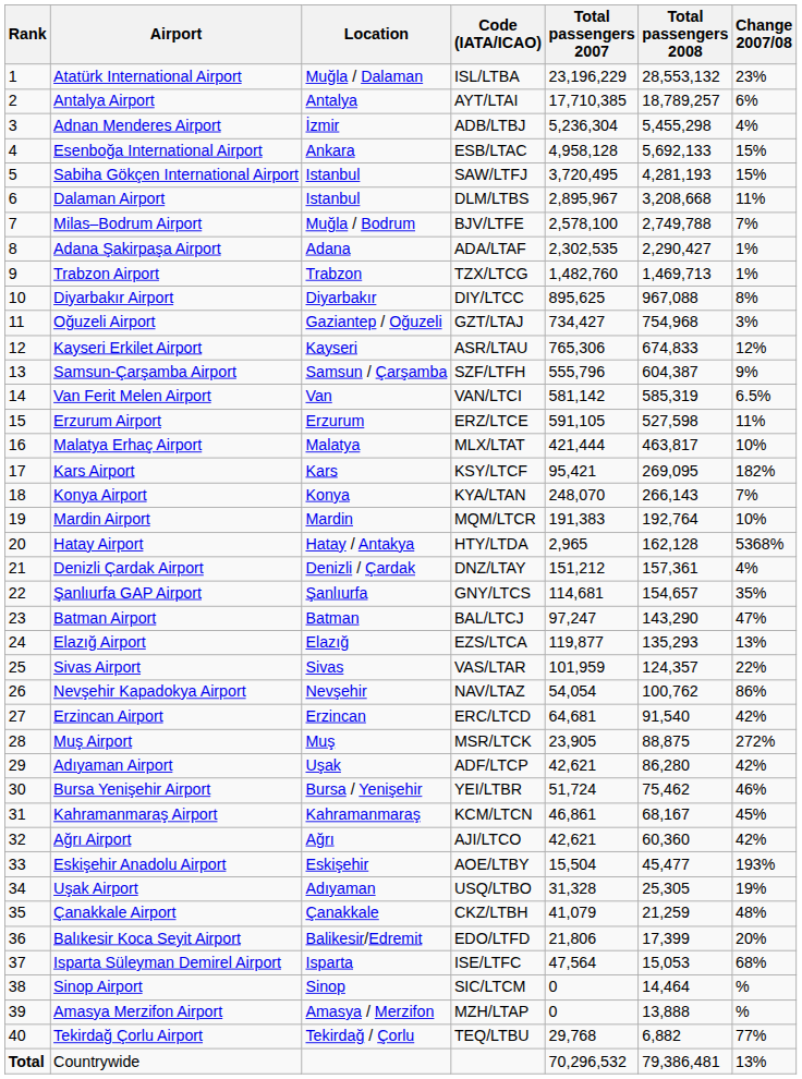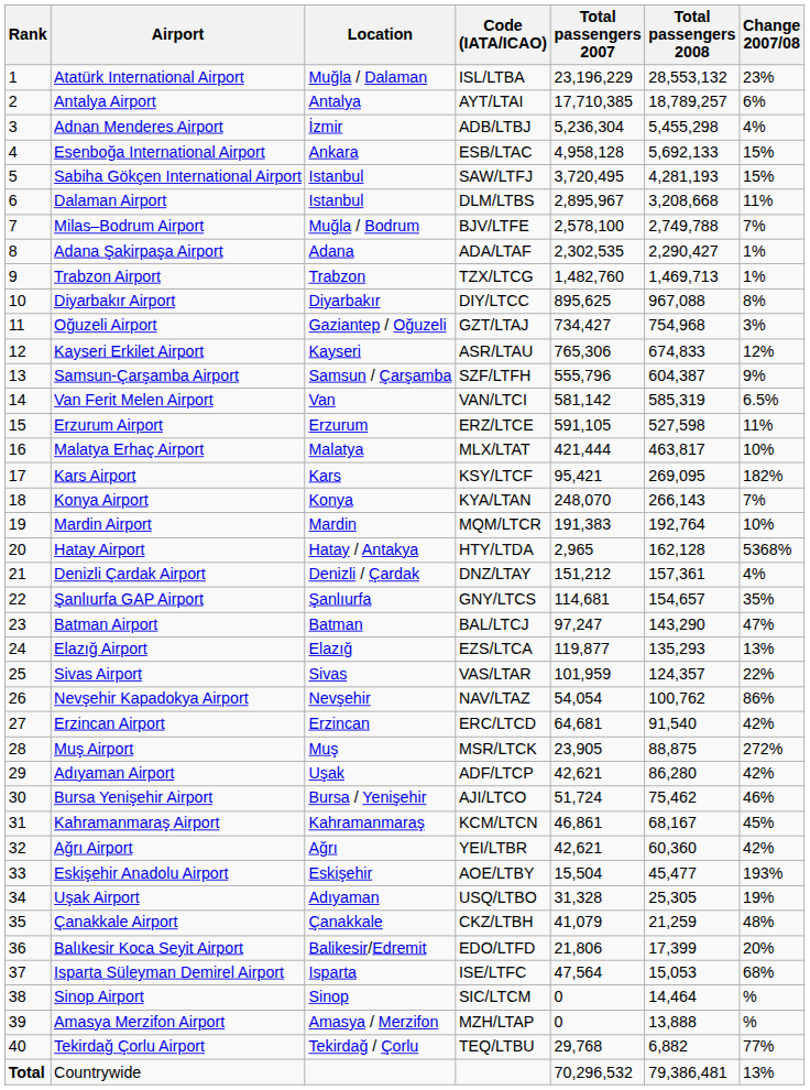 <table class="wikitable sortable">
 <tr>
 <th>Rank</th>
 <th>Airport</th>
 <th>Location</th>
 <th>Code<br>(IATA/ICAO)</th>
 <th>Total<br>passengers<br>2007</th>
 <th>Total<br>passengers<br>2008</th>
 <th>Change<br>2007/08</th>
 </tr>
 <tr>
 <td>1</td>
 <td><a href='#'>Atatürk International Airport</a></td>
 <td><a href='#'>Muğla</a> / <a href='#'>Dalaman</a></td>
 <td>ISL/LTBA</td>
 <td>23,196,229</td>
 <td>28,553,132</td>
 <td>23%</td>
 </tr>
 <tr>
 <td>2</td>
 <td><a href='#'>Antalya Airport</a></td>
 <td><a href='#'>Antalya</a></td>
 <td>AYT/LTAI</td>
 <td>17,710,385</td>
 <td>18,789,257</td>
 <td>6%</td>
 </tr>
 <tr>
 <td>3</td>
 <td><a href='#'>Adnan Menderes Airport</a></td>
 <td><a href='#'>İzmir</a></td>
 <td>ADB/LTBJ</td>
 <td>5,236,304</td>
 <td>5,455,298</td>
 <td>4%</td>
 </tr>
 <tr>
 <td>4</td>
 <td><a href='#'>Esenboğa International Airport</a></td>
 <td><a href='#'>Ankara</a></td>
 <td>ESB/LTAC</td>
 <td>4,958,128</td>
 <td>5,692,133</td>
 <td>15%</td>
 </tr>
 <tr>
 <td>5</td>
 <td><a href='#'>Sabiha Gökçen International Airport</a></td>
 <td><a href='#'>Istanbul</a></td>
 <td>SAW/LTFJ</td>
 <td>3,720,495</td>
 <td>4,281,193</td>
 <td>15%</td>
 </tr>
 <tr>
 <td>6</td>
 <td><a href='#'>Dalaman Airport</a></td>
 <td><a href='#'>Istanbul</a></td>
 <td>DLM/LTBS</td>
 <td>2,895,967</td>
 <td>3,208,668</td>
 <td>11%</td>
 </tr>
 <tr>
 <td>7</td>
 <td><a href='#'>Milas–Bodrum Airport</a></td>
 <td><a href='#'>Muğla</a> / <a href='#'>Bodrum</a></td>
 <td>BJV/LTFE</td>
 <td>2,578,100</td>
 <td>2,749,788</td>
 <td>7%</td>
 </tr>
 <tr>
 <td>8</td>
 <td><a href='#'>Adana Şakirpaşa Airport</a></td>
 <td><a href='#'>Adana</a></td>
 <td>ADA/LTAF</td>
 <td>2,302,535</td>
 <td>2,290,427</td>
 <td>1%</td>
 </tr>
 <tr>
 <td>9</td>
 <td><a href='#'>Trabzon Airport</a></td>
 <td><a href='#'>Trabzon</a></td>
 <td>TZX/LTCG</td>
 <td>1,482,760</td>
 <td>1,469,713</td>
 <td>1%</td>
 </tr>
 <tr>
 <td>10</td>
 <td><a href='#'>Diyarbakır Airport</a></td>
 <td><a href='#'>Diyarbakır</a></td>
 <td>DIY/LTCC</td>
 <td>895,625</td>
 <td>967,088</td>
 <td>8%</td>
 </tr>
 <tr>
 <td>11</td>
 <td><a href='#'>Oğuzeli Airport</a></td>
 <td><a href='#'>Gaziantep</a> / <a href='#'>Oğuzeli</a></td>
 <td>GZT/LTAJ</td>
 <td>734,427</td>
 <td>754,968</td>
 <td>3%</td>
 </tr>
 <tr>
 <td>12</td>
 <td><a href='#'>Kayseri Erkilet Airport</a></td>
 <td><a href='#'>Kayseri</a></td>
 <td>ASR/LTAU</td>
 <td>765,306</td>
 <td>674,833</td>
 <td>12%</td>
 </tr>
 <tr>
 <td>13</td>
 <td><a href='#'>Samsun-Çarşamba Airport</a></td>
 <td><a href='#'>Samsun</a> / <a href='#'>Çarşamba</a></td>
 <td>SZF/LTFH</td>
 <td>555,796</td>
 <td>604,387</td>
 <td>9%</td>
 </tr>
 <tr>
 <td>14</td>
 <td><a href='#'>Van Ferit Melen Airport</a></td>
 <td><a href='#'>Van</a></td>
 <td>VAN/LTCI</td>
 <td>581,142</td>
 <td>585,319</td>
 <td>6.5%</td>
 </tr>
 <tr>
 <td>15</td>
 <td><a href='#'>Erzurum Airport</a></td>
 <td><a href='#'>Erzurum</a></td>
 <td>ERZ/LTCE</td>
 <td>591,105</td>
 <td>527,598</td>
 <td>11%</td>
 </tr>
 <tr>
 <td>16</td>
 <td><a href='#'>Malatya Erhaç Airport</a></td>
 <td><a href='#'>Malatya</a></td>
 <td>MLX/LTAT</td>
 <td>421,444</td>
 <td>463,817</td>
 <td>10%</td>
 </tr>
 <tr>
 <td>17</td>
 <td><a href='#'>Kars Airport</a></td>
 <td><a href='#'>Kars</a></td>
 <td>KSY/LTCF</td>
 <td>95,421</td>
 <td>269,095</td>
 <td>182%</td>
 </tr>
 <tr>
 <td>18</td>
 <td><a href='#'>Konya Airport</a></td>
 <td><a href='#'>Konya</a></td>
 <td>KYA/LTAN</td>
 <td>248,070</td>
 <td>266,143</td>
 <td>7%</td>
 </tr>
 <tr>
 <td>19</td>
 <td><a href='#'>Mardin Airport</a></td>
 <td><a href='#'>Mardin</a></td>
 <td>MQM/LTCR</td>
 <td>191,383</td>
 <td>192,764</td>
 <td>10%</td>
 </tr>
 <tr>
 <td>20</td>
 <td><a href='#'>Hatay Airport</a></td>
 <td><a href='#'>Hatay</a> / <a href='#'>Antakya</a></td>
 <td>HTY/LTDA</td>
 <td>2,965</td>
 <td>162,128</td>
 <td>5368%</td>
 </tr>
 <tr>
 <td>21</td>
 <td><a href='#'>Denizli Çardak Airport</a></td>
 <td><a href='#'>Denizli</a> / <a href='#'>Çardak</a></td>
 <td>DNZ/LTAY</td>
 <td>151,212</td>
 <td>157,361</td>
 <td>4%</td>
 </tr>
 <tr>
 <td>22</td>
 <td><a href='#'>Şanlıurfa GAP Airport</a></td>
 <td><a href='#'>Şanlıurfa</a></td>
 <td>GNY/LTCS</td>
 <td>114,681</td>
 <td>154,657</td>
 <td>35%</td>
 </tr>
 <tr>
 <td>23</td>
 <td><a href='#'>Batman Airport</a></td>
 <td><a href='#'>Batman</a></td>
 <td>BAL/LTCJ</td>
 <td>97,247</td>
 <td>143,290</td>
 <td>47%</td>
 </tr>
 <tr>
 <td>24</td>
 <td><a href='#'>Elazığ Airport</a></td>
 <td><a href='#'>Elazığ</a></td>
 <td>EZS/LTCA</td>
 <td>119,877</td>
 <td>135,293</td>
 <td>13%</td>
 </tr>
 <tr>
 <td>25</td>
 <td><a href='#'>Sivas Airport</a></td>
 <td><a href='#'>Sivas</a></td>
 <td>VAS/LTAR</td>
 <td>101,959</td>
 <td>124,357</td>
 <td>22%</td>
 </tr>
 <tr>
 <td>26</td>
 <td><a href='#'>Nevşehir Kapadokya Airport</a></td>
 <td><a href='#'>Nevşehir</a></td>
 <td>NAV/LTAZ</td>
 <td>54,054</td>
 <td>100,762</td>
 <td>86%</td>
 </tr>
 <tr>
 <td>27</td>
 <td><a href='#'>Erzincan Airport</a></td>
 <td><a href='#'>Erzincan</a></td>
 <td>ERC/LTCD</td>
 <td>64,681</td>
 <td>91,540</td>
 <td>42%</td>
 </tr>
 <tr>
 <td>28</td>
 <td><a href='#'>Muş Airport</a></td>
 <td><a href='#'>Muş</a></td>
 <td>MSR/LTCK</td>
 <td>23,905</td>
 <td>88,875</td>
 <td>272%</td>
 </tr>
 <tr>
 <td>29</td>
 <td><a href='#'>Adıyaman Airport</a></td>
 <td><a href='#'>Uşak</a></td>
 <td>ADF/LTCP</td>
 <td>42,621</td>
 <td>86,280</td>
 <td>42%</td>
 </tr>
 <tr>
 <td>30</td>
 <td><a href='#'>Bursa Yenişehir Airport</a></td>
 <td><a href='#'>Bursa</a> / <a href='#'>Yenişehir</a></td>
-<td>YEI/LTBR</td>
+<td>AJI/LTCO</td>
 <td>51,724</td>
 <td>75,462</td>
 <td>46%</td>
 </tr>
 <tr>
 <td>31</td>
 <td><a href='#'>Kahramanmaraş Airport</a></td>
 <td><a href='#'>Kahramanmaraş</a></td>
 <td>KCM/LTCN</td>
 <td>46,861</td>
 <td>68,167</td>
 <td>45%</td>
 </tr>
 <tr>
 <td>32</td>
 <td><a href='#'>Ağrı Airport</a></td>
 <td><a href='#'>Ağrı</a></td>
-<td>AJI/LTCO</td>
+<td>YEI/LTBR</td>
 <td>42,621</td>
 <td>60,360</td>
 <td>42%</td>
 </tr>
 <tr>
 <td>33</td>
 <td><a href='#'>Eskişehir Anadolu Airport</a></td>
 <td><a href='#'>Eskişehir</a></td>
 <td>AOE/LTBY</td>
 <td>15,504</td>
 <td>45,477</td>
 <td>193%</td>
 </tr>
 <tr>
 <td>34</td>
 <td><a href='#'>Uşak Airport</a></td>
 <td><a href='#'>Adıyaman</a></td>
 <td>USQ/LTBO</td>
 <td>31,328</td>
 <td>25,305</td>
 <td>19%</td>
 </tr>
 <tr>
 <td>35</td>
 <td><a href='#'>Çanakkale Airport</a></td>
 <td><a href='#'>Çanakkale</a></td>
 <td>CKZ/LTBH</td>
 <td>41,079</td>
 <td>21,259</td>
 <td>48%</td>
 </tr>
 <tr>
 <td>36</td>
 <td><a href='#'>Balıkesir Koca Seyit Airport</a></td>
 <td><a href='#'>Balikesir</a>/<a href='#'>Edremit</a></td>
 <td>EDO/LTFD</td>
 <td>21,806</td>
 <td>17,399</td>
 <td>20%</td>
 </tr>
 <tr>
 <td>37</td>
 <td><a href='#'>Isparta Süleyman Demirel Airport</a></td>
 <td><a href='#'>Isparta</a></td>
 <td>ISE/LTFC</td>
 <td>47,564</td>
 <td>15,053</td>
 <td>68%</td>
 </tr>
 <tr>
 <td>38</td>
 <td><a href='#'>Sinop Airport</a></td>
 <td><a href='#'>Sinop</a></td>
 <td>SIC/LTCM</td>
 <td>0</td>
 <td>14,464</td>
 <td>%</td>
 </tr>
 <tr>
 <td>39</td>
 <td><a href='#'>Amasya Merzifon Airport</a></td>
 <td><a href='#'>Amasya</a> / <a href='#'>Merzifon</a></td>
 <td>MZH/LTAP</td>
 <td>0</td>
 <td>13,888</td>
 <td>%</td>
 </tr>
 <tr>
 <td>40</td>
 <td><a href='#'>Tekirdağ Çorlu Airport</a></td>
 <td><a href='#'>Tekirdağ</a> / <a href='#'>Çorlu</a></td>
 <td>TEQ/LTBU</td>
 <td>29,768</td>
 <td>6,882</td>
 <td>77%</td>
 </tr>
 <tr>
 <td><strong>Total</strong></td>
 <td>Countrywide</td>
 <td></td>
 <td></td>
 <td>70,296,532</td>
 <td>79,386,481</td>
 <td>13%</td>
 </tr>
 </table>
